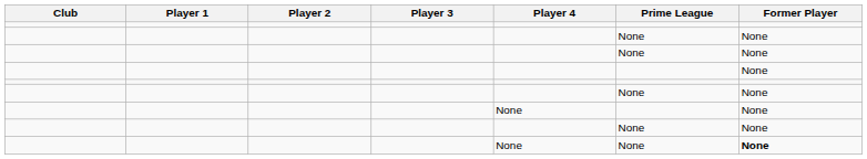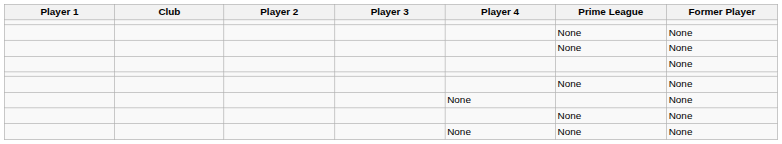 <table class="wikitable ">
 <tr>
+<th style="width:190px;">Player 1</th>
 <th style="width:190px;">Club</th>
-<th style="width:190px;">Player 1</th>
 <th style="width:190px;">Player 2</th>
 <th style="width:190px;">Player 3</th>
 <th style="width:190px;">Player 4</th>
 <th style="width:190px;">Prime League</th>
 <th style="width:190px;">Former Player</th>
 </tr>
 <tr>
 <td></td>
 <td></td>
 <td></td>
 <td></td>
 <td></td>
 <td></td>
 <td></td>
 </tr>
 <tr>
 <td></td>
 <td></td>
 <td></td>
 <td></td>
 <td></td>
 <td>None</td>
 <td>None</td>
 </tr>
 <tr>
 <td></td>
 <td></td>
 <td></td>
 <td></td>
 <td></td>
 <td>None</td>
 <td>None</td>
 </tr>
 <tr>
 <td></td>
 <td></td>
 <td></td>
 <td></td>
 <td></td>
 <td></td>
 <td>None</td>
 </tr>
 <tr>
 <td></td>
 <td></td>
 <td></td>
 <td></td>
 <td></td>
 <td></td>
 <td></td>
 </tr>
 <tr>
 <td></td>
 <td></td>
 <td></td>
 <td></td>
 <td></td>
 <td>None</td>
 <td>None</td>
 </tr>
 <tr>
 <td></td>
 <td></td>
 <td></td>
 <td></td>
 <td>None</td>
 <td></td>
 <td>None</td>
 </tr>
 <tr>
 <td></td>
 <td></td>
 <td></td>
 <td></td>
 <td></td>
 <td>None</td>
 <td>None</td>
 </tr>
 <tr>
 <td></td>
 <td></td>
 <td></td>
 <td></td>
 <td>None</td>
 <td>None</td>
-<td><strong>None</strong></td>
+<td>None</td>
 </tr>
 </table>
